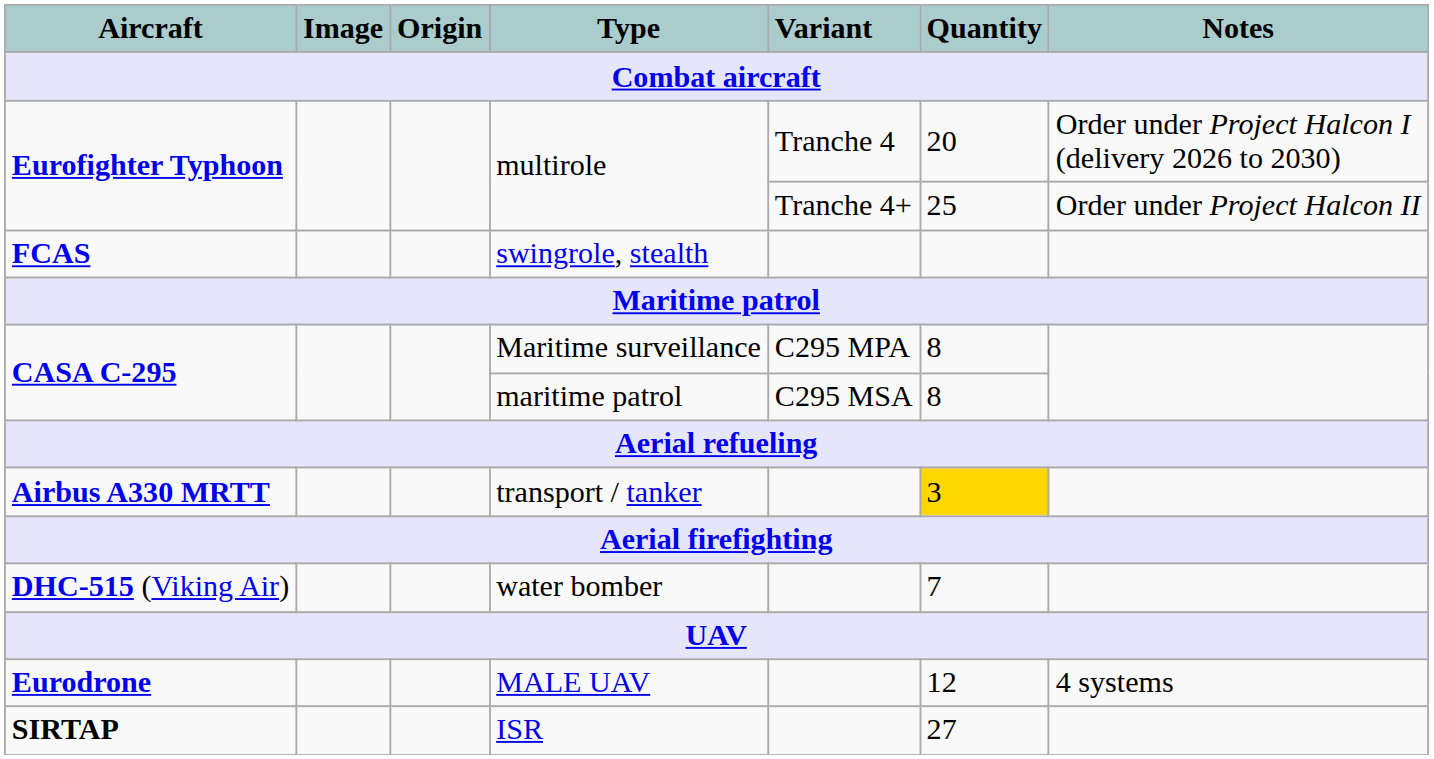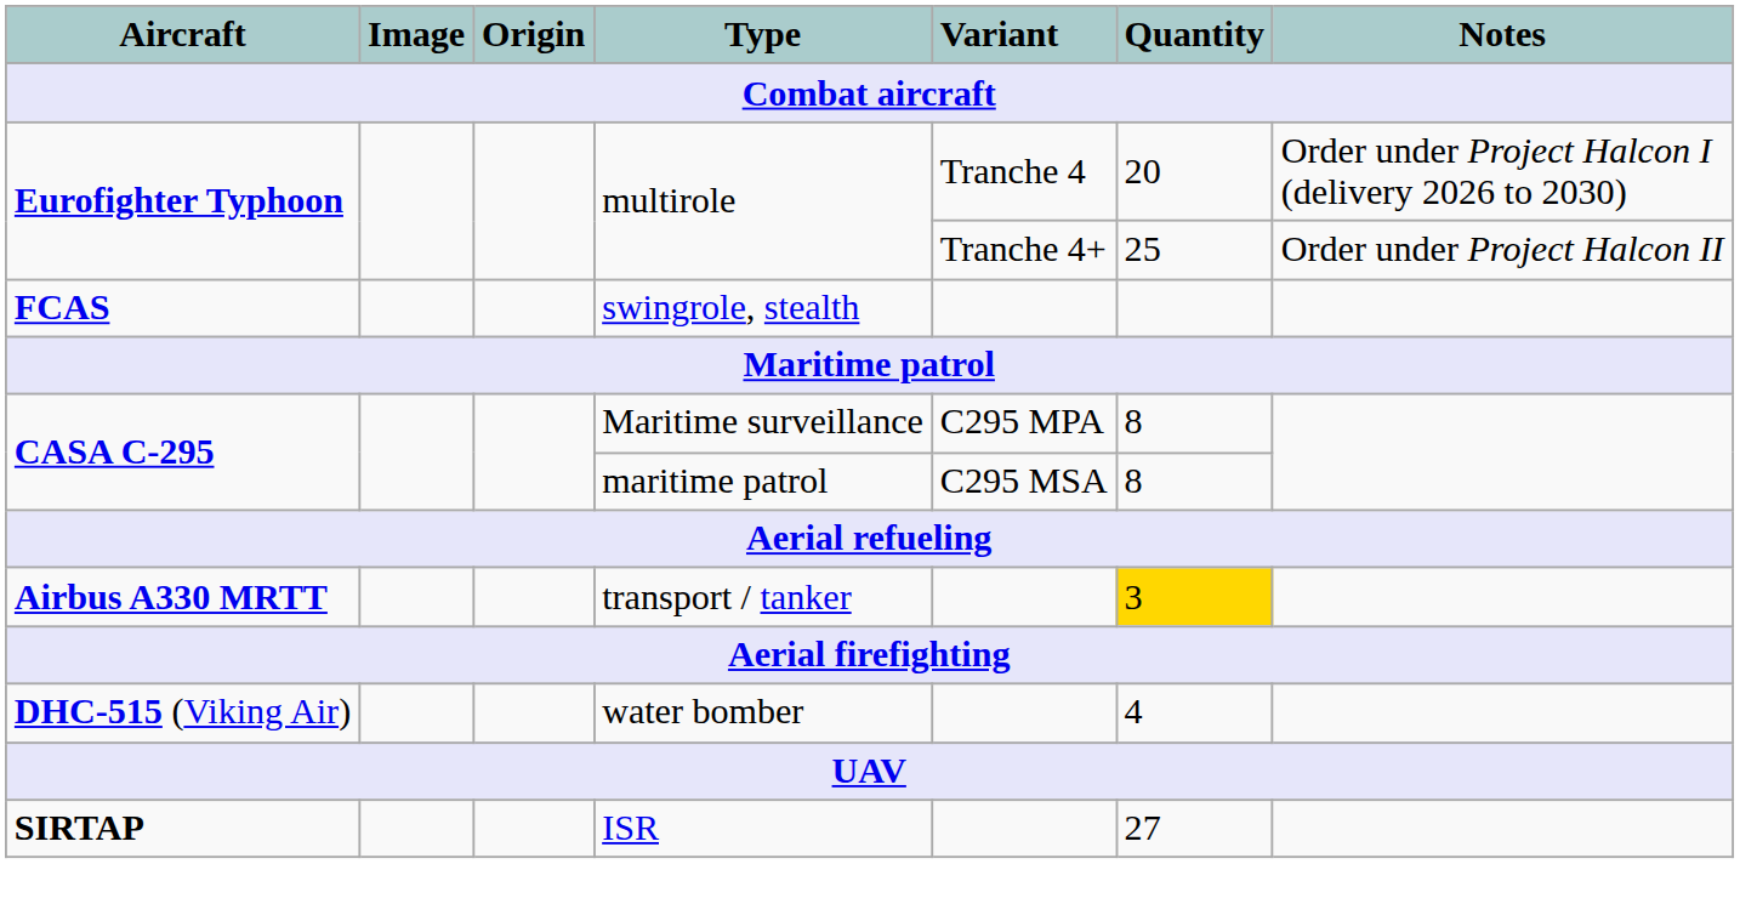 <table class="wikitable">
 <tr>
 <th style="text-align:center; background:#acc;">Aircraft</th>
 <th style="text-align:center; background:#acc;">Image</th>
 <th style="text-align: center; background:#acc;">Origin</th>
 <th style="text-align:l center; background:#acc;">Type</th>
 <th style="text-align:left; background:#acc;">Variant</th>
 <th style="text-align:center; background:#acc;">Quantity</th>
 <th style="text-align: center; background:#acc;">Notes</th>
 </tr>
 <tr>
 <th colspan="7" style="align: center; background: lavender;"><a href='#'>Combat aircraft</a></th>
 </tr>
 <tr>
 <td rowspan="2"><strong><a href='#'>Eurofighter Typhoon</a></strong></td>
 <td rowspan="2"></td>
 <td rowspan="2">   </td>
 <td rowspan="2">multirole</td>
 <td>Tranche 4</td>
 <td>20</td>
 <td>Order under <em>Project Halcon I</em><br>(delivery 2026 to 2030)</td>
 </tr>
 <tr>
 <td>Tranche 4+</td>
 <td>25</td>
 <td>Order under <em>Project Halcon II</em></td>
 </tr>
 <tr>
 <td><strong><a href='#'>FCAS</a></strong></td>
 <td></td>
 <td>  </td>
 <td><a href='#'>swingrole</a>, <a href='#'>stealth</a></td>
 <td></td>
 <td></td>
 <td></td>
 </tr>
 <tr>
 <th colspan="7" style="align: center; background: lavender;"><a href='#'>Maritime patrol</a></th>
 </tr>
 <tr>
 <td rowspan="2"><strong><a href='#'>CASA C-295</a></strong></td>
 <td rowspan="2"></td>
 <td rowspan="2"></td>
 <td>Maritime surveillance</td>
 <td>C295 MPA</td>
 <td>8</td>
 <td rowspan="2"></td>
 </tr>
 <tr>
 <td>maritime patrol</td>
 <td>C295 MSA</td>
 <td>8</td>
 </tr>
 <tr>
 <th colspan="7" style="align: center; background: lavender;"><a href='#'>Aerial refueling</a></th>
 </tr>
 <tr>
 <td><strong><a href='#'>Airbus A330 MRTT</a></strong></td>
 <td></td>
 <td></td>
 <td>transport / <a href='#'>tanker</a></td>
 <td></td>
 <td style="background: gold;">3</td>
 <td></td>
 </tr>
 <tr>
 <th colspan="7" style="align: center; background: lavender;"><a href='#'>Aerial firefighting</a></th>
 </tr>
 <tr>
 <td><strong><a href='#'>DHC-515</a></strong> (<a href='#'>Viking Air</a>)</td>
 <td></td>
 <td></td>
 <td>water bomber</td>
 <td></td>
-<td>7</td>
+<td>4</td>
 <td></td>
 </tr>
 <tr>
 <th colspan="7" style="align: center; background: lavender;"><a href='#'>UAV</a></th>
-</tr>
-<tr>
-<td><strong><a href='#'>Eurodrone</a></strong></td>
-<td></td>
-<td>   </td>
-<td><a href='#'>MALE UAV</a></td>
-<td></td>
-<td>12</td>
-<td>4 systems</td>
 </tr>
 <tr>
 <td><strong>SIRTAP</strong></td>
 <td></td>
 <td> </td>
 <td><a href='#'>ISR</a></td>
 <td></td>
 <td>27</td>
 <td></td>
 </tr>
 </table>
